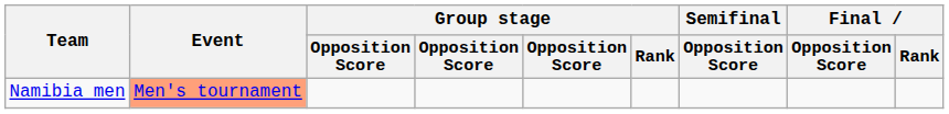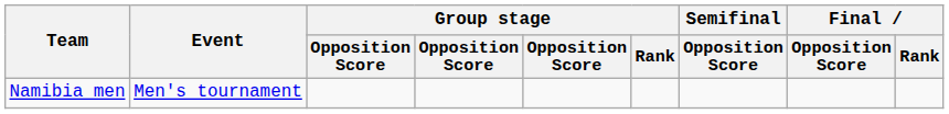 <table class="wikitable" style="font-size:90%">
 <tr>
 <th rowspan="2">Team</th>
 <th rowspan="2">Event</th>
 <th colspan="4">Group stage</th>
 <th>Semifinal</th>
 <th colspan="2">Final / </th>
 </tr>
 <tr style="font-size:95%">
 <th>Opposition<br>Score</th>
 <th>Opposition<br>Score</th>
 <th>Opposition<br>Score</th>
 <th>Rank</th>
 <th>Opposition<br>Score</th>
 <th>Opposition<br>Score</th>
 <th>Rank</th>
 </tr>
 <tr align="center">
 <td align="left"><a href='#'>Namibia men</a></td>
-<td align="left" style="background: lightsalmon;"><a href='#'>Men's tournament</a></td>
+<td align="left"><a href='#'>Men's tournament</a></td>
 <td></td>
 <td></td>
 <td></td>
 <td></td>
 <td></td>
 <td></td>
 <td></td>
 </tr>
 </table>
